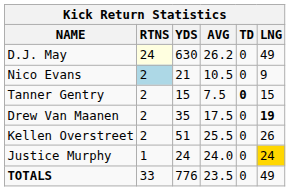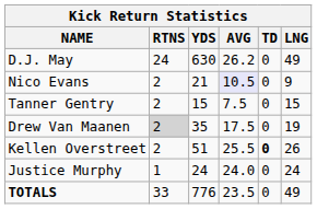 <table class="wikitable sortable collapsible collapsed">
 <tr>
 <th colspan="8">Kick Return Statistics</th>
 </tr>
 <tr>
 <th>NAME</th>
 <th>RTNS</th>
 <th>YDS</th>
 <th>AVG</th>
 <th>TD</th>
 <th>LNG</th>
 </tr>
 <tr>
 <td>D.J. May</td>
-<td style="background: lightyellow;">24</td>
+<td>24</td>
 <td>630</td>
 <td>26.2</td>
 <td>0</td>
 <td>49</td>
 </tr>
 <tr>
 <td>Nico Evans</td>
-<td style="background: lightblue;">2</td>
+<td>2</td>
 <td>21</td>
-<td>10.5</td>
+<td style="background: lavender;">10.5</td>
 <td>0</td>
 <td>9</td>
 </tr>
 <tr>
 <td>Tanner Gentry</td>
 <td>2</td>
 <td>15</td>
 <td>7.5</td>
-<td><strong>0</strong></td>
+<td>0</td>
 <td>15</td>
 </tr>
 <tr>
 <td>Drew Van Maanen</td>
-<td>2</td>
+<td style="background: lightgrey;">2</td>
 <td>35</td>
 <td>17.5</td>
 <td>0</td>
-<td><strong>19</strong></td>
+<td>19</td>
 </tr>
 <tr>
 <td>Kellen Overstreet</td>
 <td>2</td>
 <td>51</td>
 <td>25.5</td>
-<td>0</td>
+<td><strong>0</strong></td>
 <td>26</td>
 </tr>
 <tr>
 <td>Justice Murphy</td>
 <td>1</td>
 <td>24</td>
 <td>24.0</td>
 <td>0</td>
-<td style="background: gold;">24</td>
+<td>24</td>
 </tr>
 <tr>
 <td><strong>TOTALS</strong></td>
 <td>33</td>
 <td>776</td>
 <td>23.5</td>
 <td>0</td>
 <td>49</td>
 </tr>
 </table>
